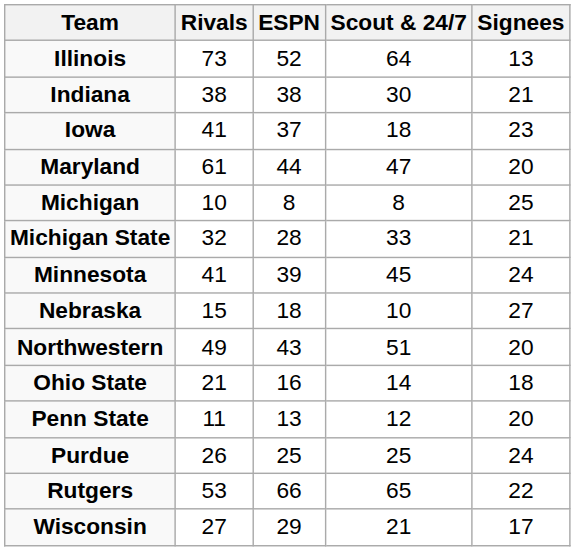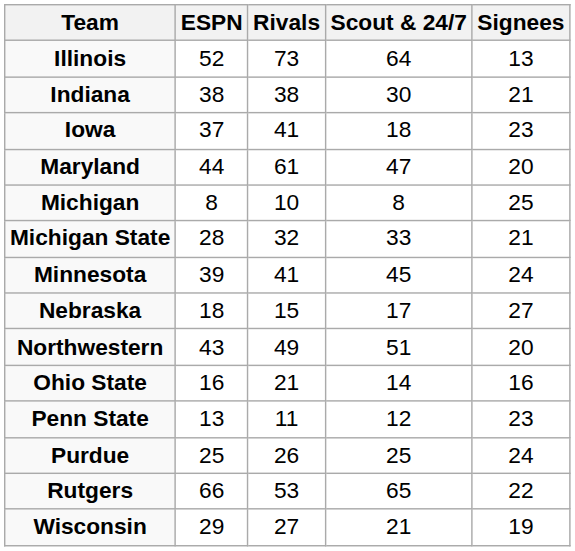 <table class="wikitable">
 <tr>
 <th>Team</th>
+<th>ESPN</th>
 <th>Rivals</th>
-<th>ESPN</th>
 <th>Scout & 24/7</th>
 <th>Signees</th>
 </tr>
 <tr style="text-align:center;">
 <td><strong>Illinois</strong></td>
+<td style="text-align:center; background:white">52</td>
 <td style="text-align:center; background:white">73</td>
-<td style="text-align:center; background:white">52</td>
 <td style="text-align:center; background:white">64</td>
 <td style="text-align:center; background:white">13</td>
 </tr>
 <tr style="text-align:center;">
 <td><strong>Indiana</strong></td>
 <td style="text-align:center; background:white">38</td>
 <td style="text-align:center; background:white">38</td>
 <td style="text-align:center; background:white">30</td>
 <td style="text-align:center; background:white">21</td>
 </tr>
 <tr style="text-align:center;">
 <td><strong>Iowa</strong></td>
+<td style="text-align:center; background:white">37</td>
 <td style="text-align:center; background:white">41</td>
-<td style="text-align:center; background:white">37</td>
 <td style="text-align:center; background:white">18</td>
 <td style="text-align:center; background:white">23</td>
 </tr>
 <tr style="text-align:center;">
 <td><strong>Maryland</strong></td>
+<td style="text-align:center; background:white">44</td>
 <td style="text-align:center; background:white">61</td>
-<td style="text-align:center; background:white">44</td>
 <td style="text-align:center; background:white">47</td>
 <td style="text-align:center; background:white">20</td>
 </tr>
 <tr style="text-align:center;">
 <td><strong>Michigan</strong></td>
+<td style="text-align:center; background:white">8</td>
 <td style="text-align:center; background:white">10</td>
-<td style="text-align:center; background:white">8</td>
 <td style="text-align:center; background:white">8</td>
 <td style="text-align:center; background:white">25</td>
 </tr>
 <tr style="text-align:center;">
 <td><strong>Michigan State</strong></td>
+<td style="text-align:center; background:white">28</td>
 <td style="text-align:center; background:white">32</td>
-<td style="text-align:center; background:white">28</td>
 <td style="text-align:center; background:white">33</td>
 <td style="text-align:center; background:white">21</td>
 </tr>
 <tr style="text-align:center;">
 <td><strong>Minnesota</strong></td>
+<td style="text-align:center; background:white">39</td>
 <td style="text-align:center; background:white">41</td>
-<td style="text-align:center; background:white">39</td>
 <td style="text-align:center; background:white">45</td>
 <td style="text-align:center; background:white">24</td>
 </tr>
 <tr style="text-align:center;">
 <td><strong>Nebraska</strong></td>
+<td style="text-align:center; background:white">18</td>
 <td style="text-align:center; background:white">15</td>
-<td style="text-align:center; background:white">18</td>
-<td style="text-align:center; background:white">10</td>
+<td style="text-align:center; background:white">17</td>
 <td style="text-align:center; background:white">27</td>
 </tr>
 <tr style="text-align:center;">
 <td><strong>Northwestern</strong></td>
+<td style="text-align:center; background:white">43</td>
 <td style="text-align:center; background:white">49</td>
-<td style="text-align:center; background:white">43</td>
 <td style="text-align:center; background:white">51</td>
 <td style="text-align:center; background:white">20</td>
 </tr>
 <tr style="text-align:center;">
 <td><strong>Ohio State</strong></td>
+<td style="text-align:center; background:white">16</td>
 <td style="text-align:center; background:white">21</td>
+<td style="text-align:center; background:white">14</td>
 <td style="text-align:center; background:white">16</td>
-<td style="text-align:center; background:white">14</td>
-<td style="text-align:center; background:white">18</td>
 </tr>
 <tr style="text-align:center;">
 <td><strong>Penn State</strong></td>
+<td style="text-align:center; background:white">13</td>
 <td style="text-align:center; background:white">11</td>
-<td style="text-align:center; background:white">13</td>
 <td style="text-align:center; background:white">12</td>
-<td style="text-align:center; background:white">20</td>
+<td style="text-align:center; background:white">23</td>
 </tr>
 <tr style="text-align:center;">
 <td><strong>Purdue</strong></td>
+<td style="text-align:center; background:white">25</td>
 <td style="text-align:center; background:white">26</td>
-<td style="text-align:center; background:white">25</td>
 <td style="text-align:center; background:white">25</td>
 <td style="text-align:center; background:white">24</td>
 </tr>
 <tr style="text-align:center;">
 <td><strong>Rutgers</strong></td>
+<td style="text-align:center; background:white">66</td>
 <td style="text-align:center; background:white">53</td>
-<td style="text-align:center; background:white">66</td>
 <td style="text-align:center; background:white">65</td>
 <td style="text-align:center; background:white">22</td>
 </tr>
 <tr style="text-align:center;">
 <td><strong>Wisconsin</strong></td>
+<td style="text-align:center; background:white">29</td>
 <td style="text-align:center; background:white">27</td>
-<td style="text-align:center; background:white">29</td>
 <td style="text-align:center; background:white">21</td>
-<td style="text-align:center; background:white">17</td>
+<td style="text-align:center; background:white">19</td>
 </tr>
 </table>
